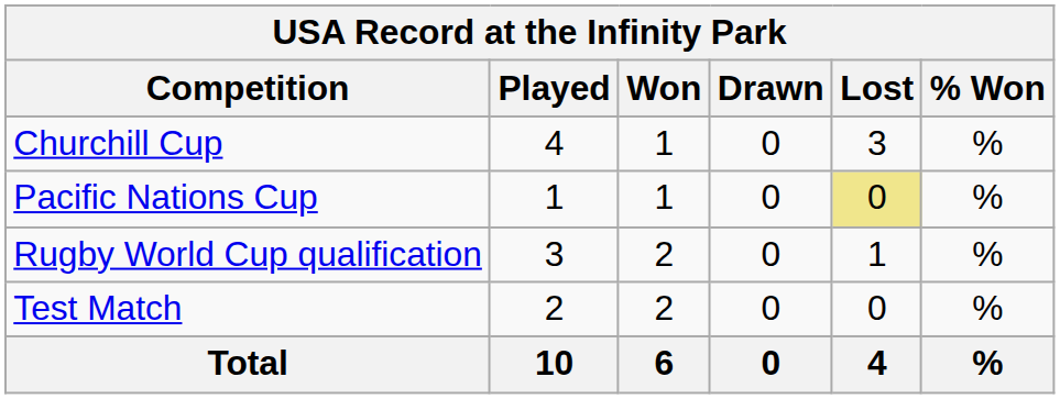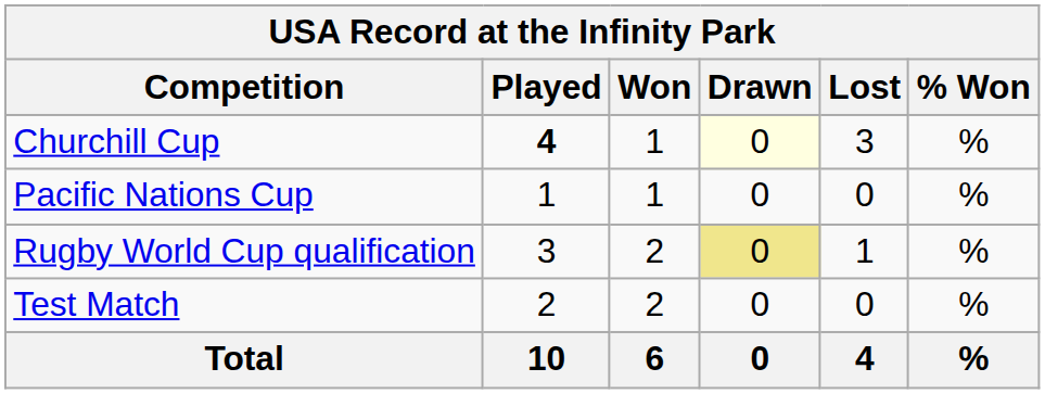 <table class = "wikitable sortable" style="text-align:center">
 <tr>
 <th colspan=6>USA Record at the Infinity Park</th>
 </tr>
 <tr>
 <th>Competition</th>
 <th>Played</th>
 <th>Won</th>
 <th>Drawn</th>
 <th>Lost</th>
 <th>% Won</th>
 </tr>
 <tr>
 <td style="text-align:left;"><a href='#'>Churchill Cup</a></td>
-<td>4</td>
+<td><strong>4</strong></td>
 <td>1</td>
-<td>0</td>
+<td style="background: lightyellow;">0</td>
 <td>3</td>
 <td>%</td>
 </tr>
 <tr>
 <td style="text-align:left;"><a href='#'>Pacific Nations Cup</a></td>
 <td>1</td>
 <td>1</td>
 <td>0</td>
-<td style="background: khaki;">0</td>
+<td>0</td>
 <td>%</td>
 </tr>
 <tr>
 <td style="text-align:left;"><a href='#'>Rugby World Cup qualification</a></td>
 <td>3</td>
 <td>2</td>
-<td>0</td>
+<td style="background: khaki;">0</td>
 <td>1</td>
 <td>%</td>
 </tr>
 <tr>
 <td style="text-align:left;"><a href='#'>Test Match</a></td>
 <td>2</td>
 <td>2</td>
 <td>0</td>
 <td>0</td>
 <td>%</td>
 </tr>
 <tr>
 <th>Total</th>
 <th>10</th>
 <th>6</th>
 <th>0</th>
 <th>4</th>
 <th>%</th>
 </tr>
 </table>
